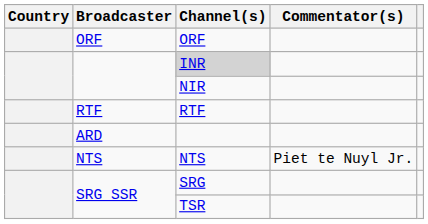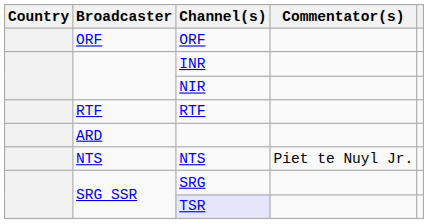 <table class="wikitable plainrowheaders">
 <tr>
 <th scope="col">Country</th>
 <th scope="col">Broadcaster</th>
 <th scope="col">Channel(s)</th>
 <th scope="col">Commentator(s)</th>
 <th scope="col"></th>
 </tr>
 <tr>
 <th scope="row"></th>
 <td><a href='#'>ORF</a></td>
 <td><a href='#'>ORF</a></td>
 <td></td>
 <td style="text-align:center"></td>
 </tr>
 <tr>
 <th scope="rowgroup" rowspan=2></th>
 <td rowspan="2"></td>
-<td style="background: lightgrey;"><a href='#'>INR</a></td>
+<td><a href='#'>INR</a></td>
 <td></td>
 <td style="text-align:center"></td>
 </tr>
 <tr>
 <td><a href='#'>NIR</a></td>
 <td></td>
 <td style="text-align:center"></td>
 </tr>
 <tr>
 <th scope="row"></th>
 <td><a href='#'>RTF</a></td>
 <td><a href='#'>RTF</a></td>
 <td></td>
 <td style="text-align:center"></td>
 </tr>
 <tr>
 <th scope="row"></th>
 <td><a href='#'>ARD</a></td>
 <td></td>
 <td></td>
 <td style="text-align:center"></td>
 </tr>
 <tr>
 <th scope="row"></th>
 <td><a href='#'>NTS</a></td>
 <td><a href='#'>NTS</a></td>
 <td>Piet te Nuyl Jr.</td>
 <td style="text-align:center"></td>
 </tr>
 <tr>
 <th scope="rowgroup" rowspan="2"></th>
 <td rowspan="2"><a href='#'>SRG SSR</a></td>
 <td><a href='#'>SRG</a></td>
 <td></td>
 <td style="text-align:center"></td>
 </tr>
 <tr>
-<td><a href='#'>TSR</a></td>
+<td style="background: lavender;"><a href='#'>TSR</a></td>
 <td></td>
 <td style="text-align:center"></td>
 </tr>
 </table>
